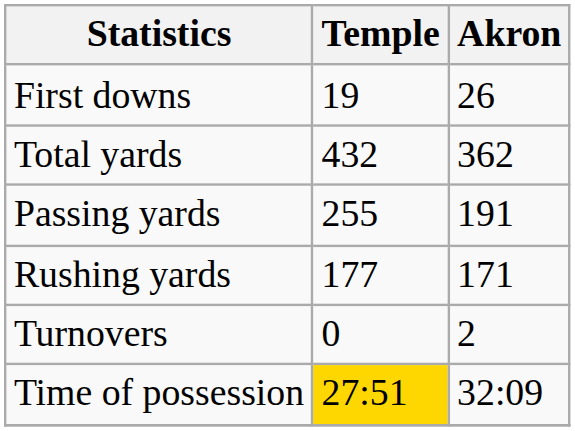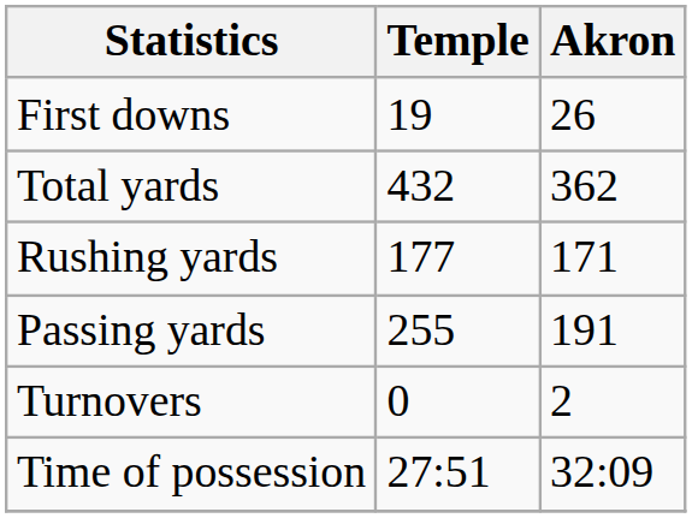 <table class="wikitable">
 <tr>
 <th>Statistics</th>
 <th>Temple</th>
 <th>Akron</th>
 </tr>
 <tr>
 <td>First downs</td>
 <td>19</td>
 <td>26</td>
 </tr>
 <tr>
 <td>Total yards</td>
 <td>432</td>
 <td>362</td>
 </tr>
 <tr>
+<td>Rushing yards</td>
+<td>177</td>
+<td>171</td>
+</tr>
+<tr>
 <td>Passing yards</td>
 <td>255</td>
 <td>191</td>
-</tr>
-<tr>
-<td>Rushing yards</td>
-<td>177</td>
-<td>171</td>
 </tr>
 <tr>
 <td>Turnovers</td>
 <td>0</td>
 <td>2</td>
 </tr>
 <tr>
 <td>Time of possession</td>
-<td style="background: gold;">27:51</td>
+<td>27:51</td>
 <td>32:09</td>
 </tr>
 <tr>
 </tr>
 </table>
